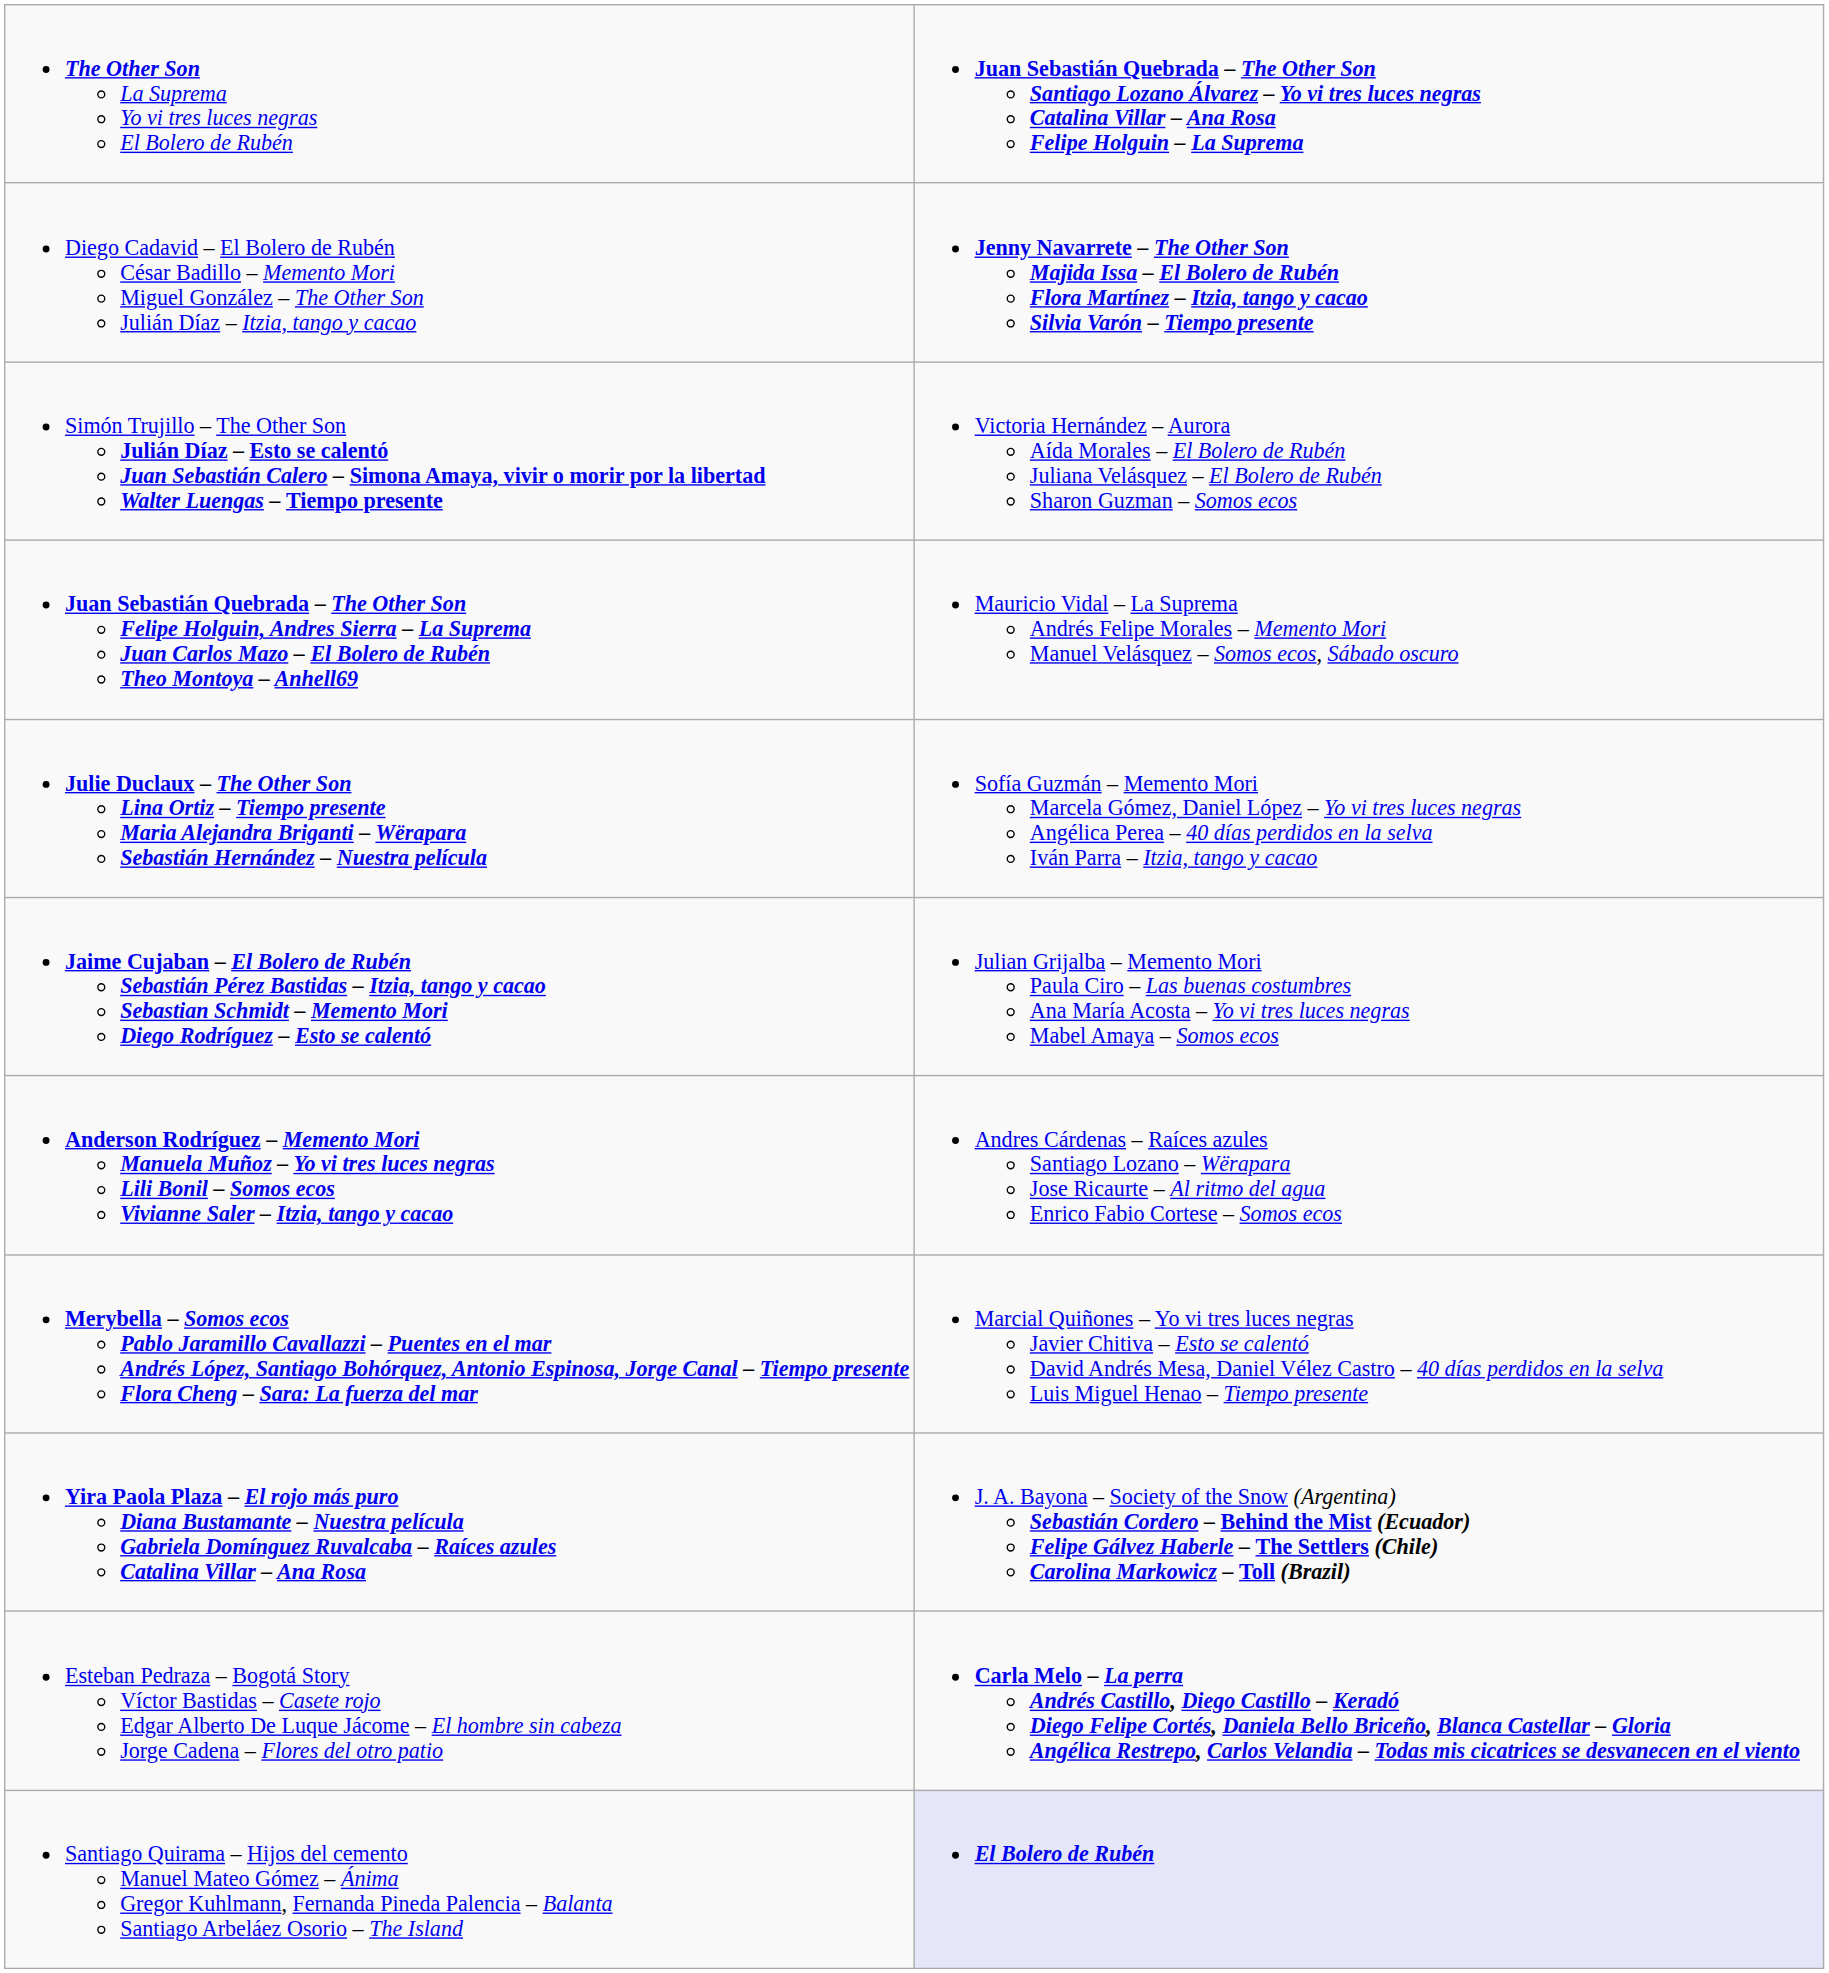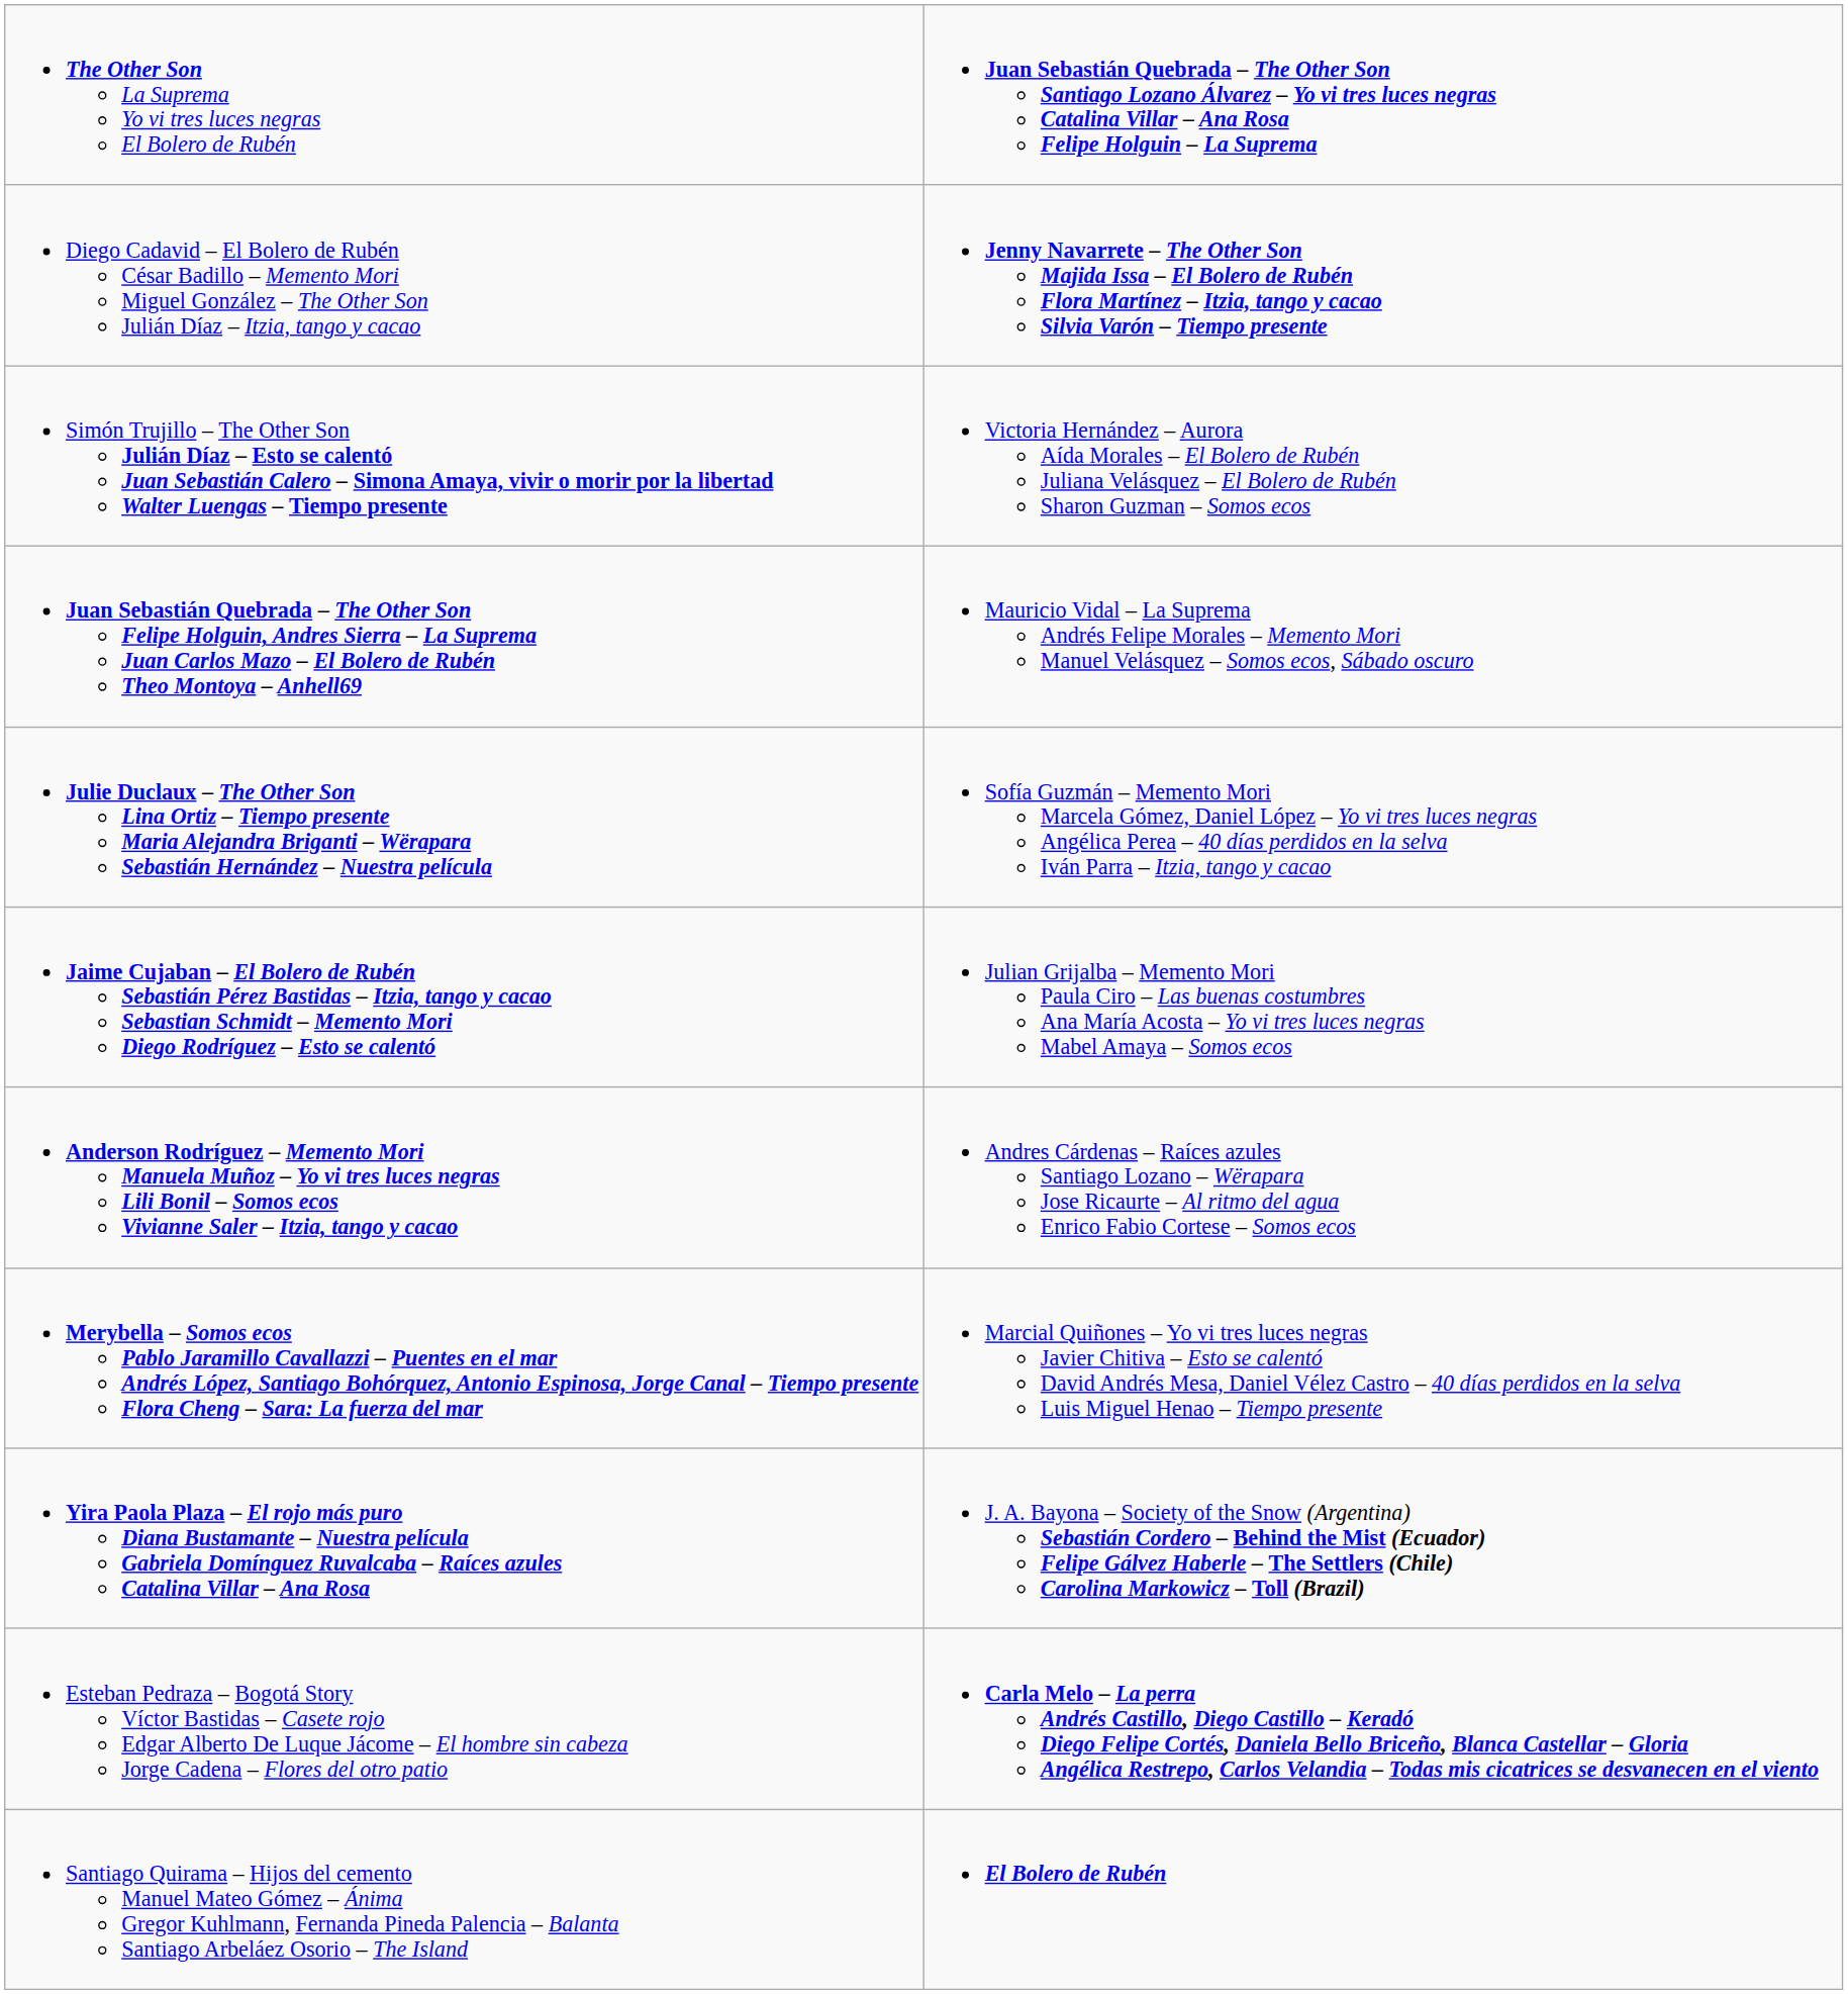 <table class=wikitable>
 <tr>
 <td valign="top" width="50%"><br><ul><li><strong><em><a href='#'>The Other Son</a></em></strong><ul><li><em><a href='#'>La Suprema</a></em></li><li><em><a href='#'>Yo vi tres luces negras</a></em></li><li><em><a href='#'>El Bolero de Rubén</a></em></li></ul></li></ul></td>
 <td valign="top" width="50%"><br><ul><li><strong><a href='#'>Juan Sebastián Quebrada</a> – <em><a href='#'>The Other Son</a><strong><em><ul><li><a href='#'>Santiago Lozano Álvarez</a> – </em><a href='#'>Yo vi tres luces negras</a><em></li><li><a href='#'>Catalina Villar</a> – </em><a href='#'>Ana Rosa</a><em></li><li><a href='#'>Felipe Holguin</a> – </em><a href='#'>La Suprema</a><em></li></ul></li></ul></td>
 </tr>
 <tr>
 <td valign="top" width="50%"><br><ul><li></strong><a href='#'>Diego Cadavid</a> – </em><a href='#'>El Bolero de Rubén</a></em></strong><ul><li><a href='#'>César Badillo</a> – <em><a href='#'>Memento Mori</a></em></li><li><a href='#'>Miguel González</a> – <em><a href='#'>The Other Son</a></em></li><li><a href='#'>Julián Díaz</a> – <em><a href='#'>Itzia, tango y cacao</a></em></li></ul></li></ul></td>
 <td valign="top" width="50%"><br><ul><li><strong><a href='#'>Jenny Navarrete</a> – <em><a href='#'>The Other Son</a><strong><em><ul><li><a href='#'>Majida Issa</a> – </em><a href='#'>El Bolero de Rubén</a><em></li><li><a href='#'>Flora Martínez</a> – </em><a href='#'>Itzia, tango y cacao</a><em></li><li><a href='#'>Silvia Varón</a> – </em><a href='#'>Tiempo presente</a><em></li></ul></li></ul></td>
 </tr>
 <tr>
 <td valign="top" width="50%"><br><ul><li></strong><a href='#'>Simón Trujillo</a> – <a href='#'>The Other Son</a><strong><ul><li><a href='#'>Julián Díaz</a> – </em><a href='#'>Esto se calentó</a><em></li><li><a href='#'>Juan Sebastián Calero</a> – </em><a href='#'>Simona Amaya, vivir o morir por la libertad</a><em></li><li><a href='#'>Walter Luengas</a> – </em><a href='#'>Tiempo presente</a><em></li></ul></li></ul></td>
 <td valign="top" width="50%"><br><ul><li></strong><a href='#'>Victoria Hernández</a> – </em><a href='#'>Aurora</a></em></strong><ul><li><a href='#'>Aída Morales</a> – <em><a href='#'>El Bolero de Rubén</a></em></li><li><a href='#'>Juliana Velásquez</a> – <em><a href='#'>El Bolero de Rubén</a></em></li><li><a href='#'>Sharon Guzman</a> – <em><a href='#'>Somos ecos</a></em></li></ul></li></ul></td>
 </tr>
 <tr>
 <td valign="top" width="50%"><br><ul><li><strong><a href='#'>Juan Sebastián Quebrada</a> – <em><a href='#'>The Other Son</a><strong><em><ul><li><a href='#'>Felipe Holguin, Andres Sierra</a> – </em><a href='#'>La Suprema</a><em></li><li><a href='#'>Juan Carlos Mazo</a> – </em><a href='#'>El Bolero de Rubén</a><em></li><li><a href='#'>Theo Montoya</a> – </em><a href='#'>Anhell69</a><em></li></ul></li></ul></td>
 <td valign="top" width="50%"><br><ul><li></strong><a href='#'>Mauricio Vidal</a> – </em><a href='#'>La Suprema</a></em></strong><ul><li><a href='#'>Andrés Felipe Morales</a> – <em><a href='#'>Memento Mori</a></em></li><li><a href='#'>Manuel Velásquez</a> – <em><a href='#'>Somos ecos</a></em>, <em><a href='#'>Sábado oscuro</a></em></li></ul></li></ul></td>
 </tr>
 <tr>
 <td valign="top" width="50%"><br><ul><li><strong><a href='#'>Julie Duclaux</a> – <em><a href='#'>The Other Son</a><strong><em><ul><li><a href='#'>Lina Ortiz</a> – </em><a href='#'>Tiempo presente</a><em></li><li><a href='#'>Maria Alejandra Briganti</a> – </em><a href='#'>Wërapara</a><em></li><li><a href='#'>Sebastián Hernández</a> – </em><a href='#'>Nuestra película</a><em></li></ul></li></ul></td>
 <td valign="top" width="50%"><br><ul><li></strong><a href='#'>Sofía Guzmán</a> – </em><a href='#'>Memento Mori</a></em></strong><ul><li><a href='#'>Marcela Gómez, Daniel López</a> – <em><a href='#'>Yo vi tres luces negras</a></em></li><li><a href='#'>Angélica Perea</a> – <em><a href='#'>40 días perdidos en la selva</a></em></li><li><a href='#'>Iván Parra</a> – <em><a href='#'>Itzia, tango y cacao</a></em></li></ul></li></ul></td>
 </tr>
 <tr>
 <td valign="top" width="50%"><br><ul><li><strong><a href='#'>Jaime Cujaban</a> – <em><a href='#'>El Bolero de Rubén</a><strong><em><ul><li><a href='#'>Sebastián Pérez Bastidas</a> – </em><a href='#'>Itzia, tango y cacao</a><em></li><li><a href='#'>Sebastian Schmidt</a> – </em><a href='#'>Memento Mori</a><em></li><li><a href='#'>Diego Rodríguez</a> – </em><a href='#'>Esto se calentó</a><em></li></ul></li></ul></td>
 <td valign="top" width="50%"><br><ul><li></strong><a href='#'>Julian Grijalba</a> – </em><a href='#'>Memento Mori</a></em></strong><ul><li><a href='#'>Paula Ciro</a> – <em><a href='#'>Las buenas costumbres</a></em></li><li><a href='#'>Ana María Acosta</a> – <em><a href='#'>Yo vi tres luces negras</a></em></li><li><a href='#'>Mabel Amaya</a> – <em><a href='#'>Somos ecos</a></em></li></ul></li></ul></td>
 </tr>
 <tr>
 <td valign="top" width="50%"><br><ul><li><strong><a href='#'>Anderson Rodríguez</a> – <em><a href='#'>Memento Mori</a><strong><em><ul><li><a href='#'>Manuela Muñoz</a> – </em><a href='#'>Yo vi tres luces negras</a><em></li><li><a href='#'>Lili Bonil</a> – </em><a href='#'>Somos ecos</a><em></li><li><a href='#'>Vivianne Saler</a> – </em><a href='#'>Itzia, tango y cacao</a><em></li></ul></li></ul></td>
 <td valign="top" width="50%"><br><ul><li></strong><a href='#'>Andres Cárdenas</a> – </em><a href='#'>Raíces azules</a></em></strong><ul><li><a href='#'>Santiago Lozano</a> – <em><a href='#'>Wërapara</a></em></li><li><a href='#'>Jose Ricaurte</a> – <em><a href='#'>Al ritmo del agua</a></em></li><li><a href='#'>Enrico Fabio Cortese</a> – <em><a href='#'>Somos ecos</a></em></li></ul></li></ul></td>
 </tr>
 <tr>
 <td valign="top" width="50%"><br><ul><li><strong><a href='#'>Merybella</a> – <em><a href='#'>Somos ecos</a><strong><em><ul><li><a href='#'>Pablo Jaramillo Cavallazzi</a> – </em><a href='#'>Puentes en el mar</a><em></li><li><a href='#'>Andrés López, Santiago Bohórquez, Antonio Espinosa, Jorge Canal</a> – </em><a href='#'>Tiempo presente</a><em></li><li><a href='#'>Flora Cheng</a> – </em><a href='#'>Sara: La fuerza del mar</a><em></li></ul></li></ul></td>
 <td valign="top" width="50%"><br><ul><li></strong><a href='#'>Marcial Quiñones</a> – </em><a href='#'>Yo vi tres luces negras</a></em></strong><ul><li><a href='#'>Javier Chitiva</a> – <em><a href='#'>Esto se calentó</a></em></li><li><a href='#'>David Andrés Mesa, Daniel Vélez Castro</a> – <em><a href='#'>40 días perdidos en la selva</a></em></li><li><a href='#'>Luis Miguel Henao</a> – <em><a href='#'>Tiempo presente</a></em></li></ul></li></ul></td>
 </tr>
 <tr>
 <td valign="top" width="50%"><br><ul><li><strong><a href='#'>Yira Paola Plaza</a> – <em><a href='#'>El rojo más puro</a><strong><em><ul><li><a href='#'>Diana Bustamante</a> – </em><a href='#'>Nuestra película</a><em></li><li><a href='#'>Gabriela Domínguez Ruvalcaba</a> – </em><a href='#'>Raíces azules</a><em></li><li><a href='#'>Catalina Villar</a> – </em><a href='#'>Ana Rosa</a><em></li></ul></li></ul></td>
 <td valign="top" width="50%"><br><ul><li></strong><a href='#'>J. A. Bayona</a> – </em><a href='#'>Society of the Snow</a><em> (Argentina)<strong><ul><li><a href='#'>Sebastián Cordero</a> – </em><a href='#'>Behind the Mist</a><em> (Ecuador)</li><li><a href='#'>Felipe Gálvez Haberle</a> – </em><a href='#'>The Settlers</a><em> (Chile)</li><li><a href='#'>Carolina Markowicz</a> – </em><a href='#'>Toll</a><em> (Brazil)</li></ul></li></ul></td>
 </tr>
 <tr>
 <td valign="top" width="50%"><br><ul><li></strong><a href='#'>Esteban Pedraza</a> – </em><a href='#'>Bogotá Story</a></em></strong><ul><li><a href='#'>Víctor Bastidas</a> – <em><a href='#'>Casete rojo</a></em></li><li><a href='#'>Edgar Alberto De Luque Jácome</a> – <em><a href='#'>El hombre sin cabeza</a></em></li><li><a href='#'>Jorge Cadena</a> – <em><a href='#'>Flores del otro patio</a></em></li></ul></li></ul></td>
 <td valign="top" width="50%"><br><ul><li><strong><a href='#'>Carla Melo</a> – <em><a href='#'>La perra</a><strong><em><ul><li><a href='#'>Andrés Castillo</a>, <a href='#'>Diego Castillo</a> – </em><a href='#'>Keradó</a><em></li><li><a href='#'>Diego Felipe Cortés</a>, <a href='#'>Daniela Bello Briceño</a>, <a href='#'>Blanca Castellar</a> – </em><a href='#'>Gloria</a><em></li><li><a href='#'>Angélica Restrepo</a>, <a href='#'>Carlos Velandia</a> – </em><a href='#'>Todas mis cicatrices se desvanecen en el viento</a><em></li></ul></li></ul></td>
 </tr>
 <tr>
 <td valign="top" width="50%"><br><ul><li></strong><a href='#'>Santiago Quirama</a> – </em><a href='#'>Hijos del cemento</a></em></strong><ul><li><a href='#'>Manuel Mateo Gómez</a> – <em><a href='#'>Ánima</a></em></li><li><a href='#'>Gregor Kuhlmann</a>, <a href='#'>Fernanda Pineda Palencia</a> – <em><a href='#'>Balanta</a></em></li><li><a href='#'>Santiago Arbeláez Osorio</a> – <em><a href='#'>The Island</a></em></li></ul></li></ul></td>
-<td valign="top" width="50%" style="background: lavender;"><br><ul><li><strong><em><a href='#'>El Bolero de Rubén</a></em></strong></li></ul></td>
+<td valign="top" width="50%"><br><ul><li><strong><em><a href='#'>El Bolero de Rubén</a></em></strong></li></ul></td>
 </tr>
 </table>
